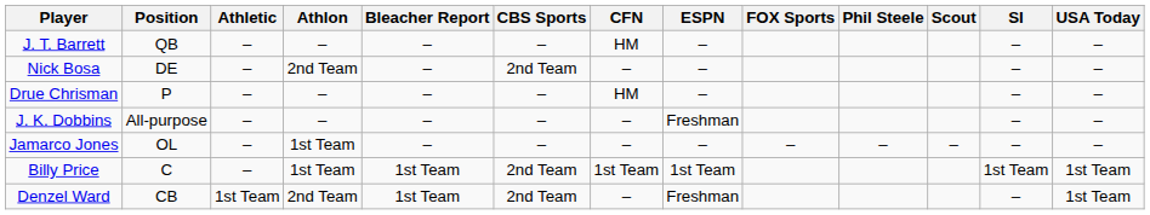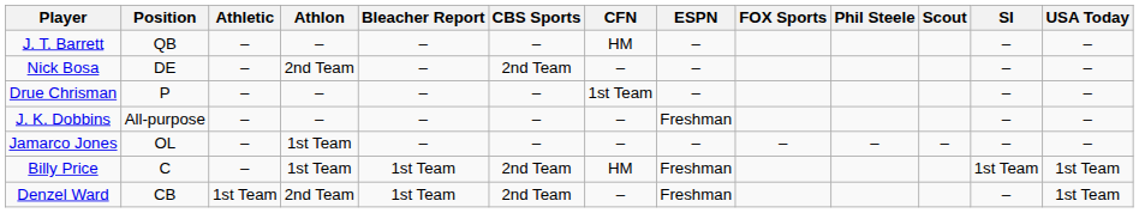 <table class="wikitable sortable sortable" style="text-align: center">
 <tr>
 <th>Player</th>
 <th>Position</th>
 <th>Athletic</th>
 <th>Athlon</th>
 <th>Bleacher Report</th>
 <th>CBS Sports</th>
 <th>CFN</th>
 <th>ESPN</th>
 <th>FOX Sports</th>
 <th>Phil Steele</th>
 <th>Scout</th>
 <th>SI</th>
 <th>USA Today</th>
 </tr>
 <tr>
 <td><a href='#'>J. T. Barrett</a></td>
 <td>QB</td>
 <td>–</td>
 <td>–</td>
 <td>–</td>
 <td>–</td>
 <td>HM</td>
 <td>–</td>
 <td></td>
 <td></td>
 <td></td>
 <td>–</td>
 <td>–</td>
 </tr>
 <tr>
 <td><a href='#'>Nick Bosa</a></td>
 <td>DE</td>
 <td>–</td>
 <td>2nd Team</td>
 <td>–</td>
 <td>2nd Team</td>
 <td>–</td>
 <td>–</td>
 <td></td>
 <td></td>
 <td></td>
 <td>–</td>
 <td>–</td>
 </tr>
 <tr>
 <td><a href='#'>Drue Chrisman</a></td>
 <td>P</td>
 <td>–</td>
 <td>–</td>
 <td>–</td>
 <td>–</td>
-<td>HM</td>
+<td>1st Team</td>
 <td>–</td>
 <td></td>
 <td></td>
 <td></td>
 <td>–</td>
 <td>–</td>
 </tr>
 <tr>
 <td><a href='#'>J. K. Dobbins</a></td>
 <td>All-purpose</td>
 <td>–</td>
 <td>–</td>
 <td>–</td>
 <td>–</td>
 <td>–</td>
 <td>Freshman</td>
 <td></td>
 <td></td>
 <td></td>
 <td>–</td>
 <td>–</td>
 </tr>
 <tr>
 <td><a href='#'>Jamarco Jones</a></td>
 <td>OL</td>
 <td>–</td>
 <td>1st Team</td>
 <td>–</td>
 <td>–</td>
 <td>–</td>
 <td>–</td>
 <td>–</td>
 <td>–</td>
 <td>–</td>
 <td>–</td>
 <td>–</td>
 </tr>
 <tr>
 <td><a href='#'>Billy Price</a></td>
 <td>C</td>
 <td>–</td>
 <td>1st Team</td>
 <td>1st Team</td>
 <td>2nd Team</td>
-<td>1st Team</td>
-<td>1st Team</td>
+<td>HM</td>
+<td>Freshman</td>
 <td></td>
 <td></td>
 <td></td>
 <td>1st Team</td>
 <td>1st Team</td>
 </tr>
 <tr>
 <td><a href='#'>Denzel Ward</a></td>
 <td>CB</td>
 <td>1st Team</td>
 <td>2nd Team</td>
 <td>1st Team</td>
 <td>2nd Team</td>
 <td>–</td>
 <td>Freshman</td>
 <td></td>
 <td></td>
 <td></td>
 <td>–</td>
 <td>1st Team</td>
 </tr>
 </table>
